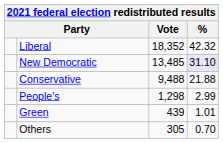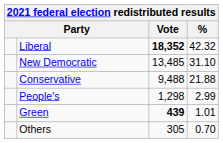 <table class="wikitable">
 <tr>
 <th colspan="4"><a href='#'>2021 federal election</a> redistributed results</th>
 </tr>
 <tr>
 <th bgcolor="#DDDDFF" width="130px" colspan="2">Party</th>
 <th bgcolor="#DDDDFF" width="50px">Vote</th>
 <th bgcolor="#DDDDFF" width="30px">%</th>
 </tr>
 <tr>
 <td> </td>
 <td><a href='#'>Liberal</a></td>
-<td align=right>18,352</td>
+<td align=right><strong>18,352</strong></td>
 <td align=right>42.32</td>
 </tr>
 <tr>
 <td> </td>
 <td><a href='#'>New Democratic</a></td>
 <td align=right>13,485</td>
-<td align=right style="background: lavender;">31.10</td>
+<td align=right>31.10</td>
 </tr>
 <tr>
 <td> </td>
 <td><a href='#'>Conservative</a></td>
 <td align=right>9,488</td>
 <td align=right>21.88</td>
 </tr>
 <tr>
 <td> </td>
 <td><a href='#'>People's</a></td>
 <td align=right>1,298</td>
 <td align=right>2.99</td>
 </tr>
 <tr>
 <td> </td>
 <td><a href='#'>Green</a></td>
-<td align=right>439</td>
+<td align=right><strong>439</strong></td>
 <td align=right>1.01</td>
 </tr>
 <tr>
 <td> </td>
 <td>Others</td>
 <td align=right>305</td>
 <td align=right>0.70</td>
 </tr>
 </table>
